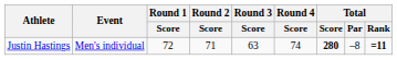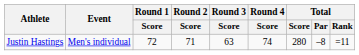 <table class=wikitable style=font-size:90%;text-align:center>
 <tr>
 <th rowspan=2>Athlete</th>
 <th rowspan=2>Event</th>
 <th>Round 1</th>
 <th>Round 2</th>
 <th>Round 3</th>
 <th>Round 4</th>
 <th colspan=3>Total</th>
 </tr>
 <tr style=font-size:95%>
 <th>Score</th>
 <th>Score</th>
 <th>Score</th>
 <th>Score</th>
 <th>Score</th>
 <th>Par</th>
 <th>Rank</th>
 </tr>
 <tr>
 <td align=left><a href='#'>Justin Hastings</a></td>
 <td align=left><a href='#'>Men's individual</a></td>
 <td>72</td>
 <td>71</td>
 <td>63</td>
 <td>74</td>
-<td><strong>280</strong></td>
+<td>280</td>
 <td>–8</td>
-<td><strong>=11</strong></td>
+<td>=11</td>
 </tr>
 </table>
